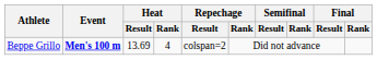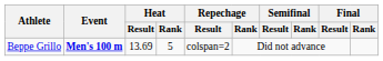 <table class="wikitable" style="font-size:90%">
 <tr>
 <th rowspan="2">Athlete</th>
 <th rowspan="2">Event</th>
 <th colspan="2">Heat</th>
 <th colspan="2">Repechage</th>
 <th colspan="2">Semifinal</th>
 <th colspan="2">Final</th>
 </tr>
 <tr style="font-size:95%">
 <th>Result</th>
 <th>Rank</th>
 <th>Result</th>
 <th>Rank</th>
 <th>Result</th>
 <th>Rank</th>
 <th>Result</th>
 <th>Rank</th>
 </tr>
 <tr align=center>
 <td align=left><a href='#'>Beppe Grillo</a></td>
 <td align=left><strong><a href='#'>Men's 100 m</a></strong></td>
 <td>13.69</td>
-<td>4</td>
+<td>5</td>
 <td>colspan=2 </td>
 <td colspan=4>Did not advance</td>
 </tr>
 </table>
